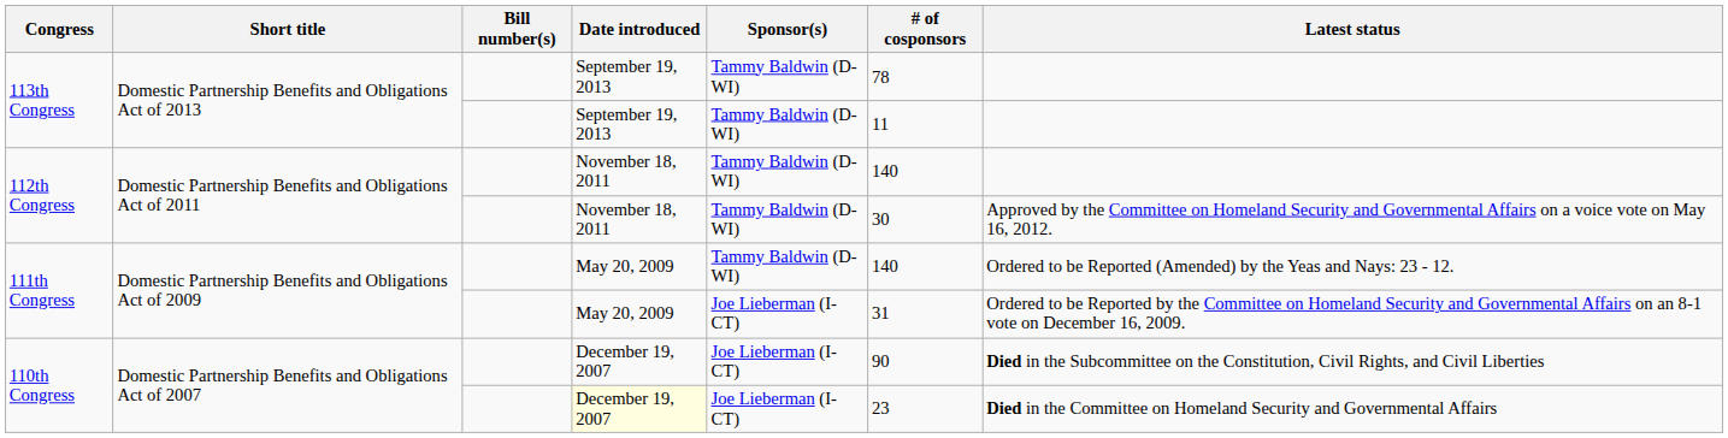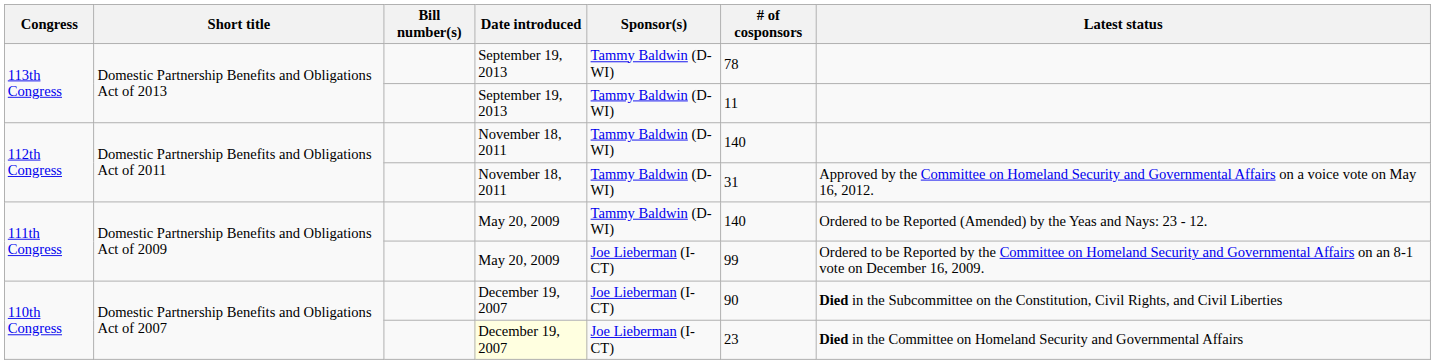 <table class="wikitable">
 <tr>
 <th>Congress</th>
 <th>Short title</th>
 <th>Bill number(s)</th>
 <th>Date introduced</th>
 <th>Sponsor(s)</th>
 <th># of cosponsors</th>
 <th>Latest status</th>
 </tr>
 <tr>
 <td rowspan=2><a href='#'>113th Congress</a></td>
 <td rowspan=2>Domestic Partnership Benefits and Obligations Act of 2013</td>
 <td></td>
 <td>September 19, 2013</td>
 <td><a href='#'>Tammy Baldwin</a> (D-WI)</td>
 <td>78</td>
 <td></td>
 </tr>
 <tr>
 <td></td>
 <td>September 19, 2013</td>
 <td><a href='#'>Tammy Baldwin</a> (D-WI)</td>
 <td>11</td>
 <td></td>
 </tr>
 <tr>
 <td rowspan=2><a href='#'>112th Congress</a></td>
 <td rowspan=2>Domestic Partnership Benefits and Obligations Act of 2011</td>
 <td></td>
 <td>November 18, 2011</td>
 <td><a href='#'>Tammy Baldwin</a> (D-WI)</td>
 <td>140</td>
 <td></td>
 </tr>
 <tr>
 <td></td>
 <td>November 18, 2011</td>
 <td><a href='#'>Tammy Baldwin</a> (D-WI)</td>
-<td>30</td>
+<td>31</td>
 <td>Approved by the <a href='#'>Committee on Homeland Security and Governmental Affairs</a> on a voice vote on May 16, 2012.</td>
 </tr>
 <tr>
 <td rowspan=2><a href='#'>111th Congress</a></td>
 <td rowspan=2>Domestic Partnership Benefits and Obligations Act of 2009</td>
 <td></td>
 <td>May 20, 2009</td>
 <td><a href='#'>Tammy Baldwin</a> (D-WI)</td>
 <td>140</td>
 <td>Ordered to be Reported (Amended) by the Yeas and Nays: 23 - 12.</td>
 </tr>
 <tr>
 <td></td>
 <td>May 20, 2009</td>
 <td><a href='#'>Joe Lieberman</a> (I-CT)</td>
-<td>31</td>
+<td>99</td>
 <td>Ordered to be Reported by the <a href='#'>Committee on Homeland Security and Governmental Affairs</a> on an 8-1 vote on December 16, 2009.</td>
 </tr>
 <tr>
 <td rowspan=2><a href='#'>110th Congress</a></td>
 <td rowspan=2>Domestic Partnership Benefits and Obligations Act of 2007</td>
 <td></td>
 <td>December 19, 2007</td>
 <td><a href='#'>Joe Lieberman</a> (I-CT)</td>
 <td>90</td>
 <td><strong>Died</strong> in the Subcommittee on the Constitution, Civil Rights, and Civil Liberties</td>
 </tr>
 <tr>
 <td></td>
 <td style="background: lightyellow;">December 19, 2007</td>
 <td><a href='#'>Joe Lieberman</a> (I-CT)</td>
 <td>23</td>
 <td><strong>Died</strong> in the Committee on Homeland Security and Governmental Affairs</td>
 </tr>
 </table>
